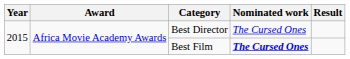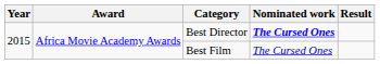 <table class="wikitable sortable">
 <tr>
 <th>Year</th>
 <th>Award</th>
 <th>Category</th>
 <th>Nominated work</th>
 <th>Result</th>
 </tr>
 <tr>
 <td rowspan=2>2015</td>
 <td rowspan=2><a href='#'>Africa Movie Academy Awards</a></td>
 <td>Best Director</td>
-<td><em><a href='#'>The Cursed Ones</a></em></td>
+<td><strong><em><a href='#'>The Cursed Ones</a></em></strong></td>
 <td></td>
 </tr>
 <tr>
 <td>Best Film</td>
-<td><strong><em><a href='#'>The Cursed Ones</a></em></strong></td>
+<td><em><a href='#'>The Cursed Ones</a></em></td>
 <td></td>
 </tr>
 </table>
